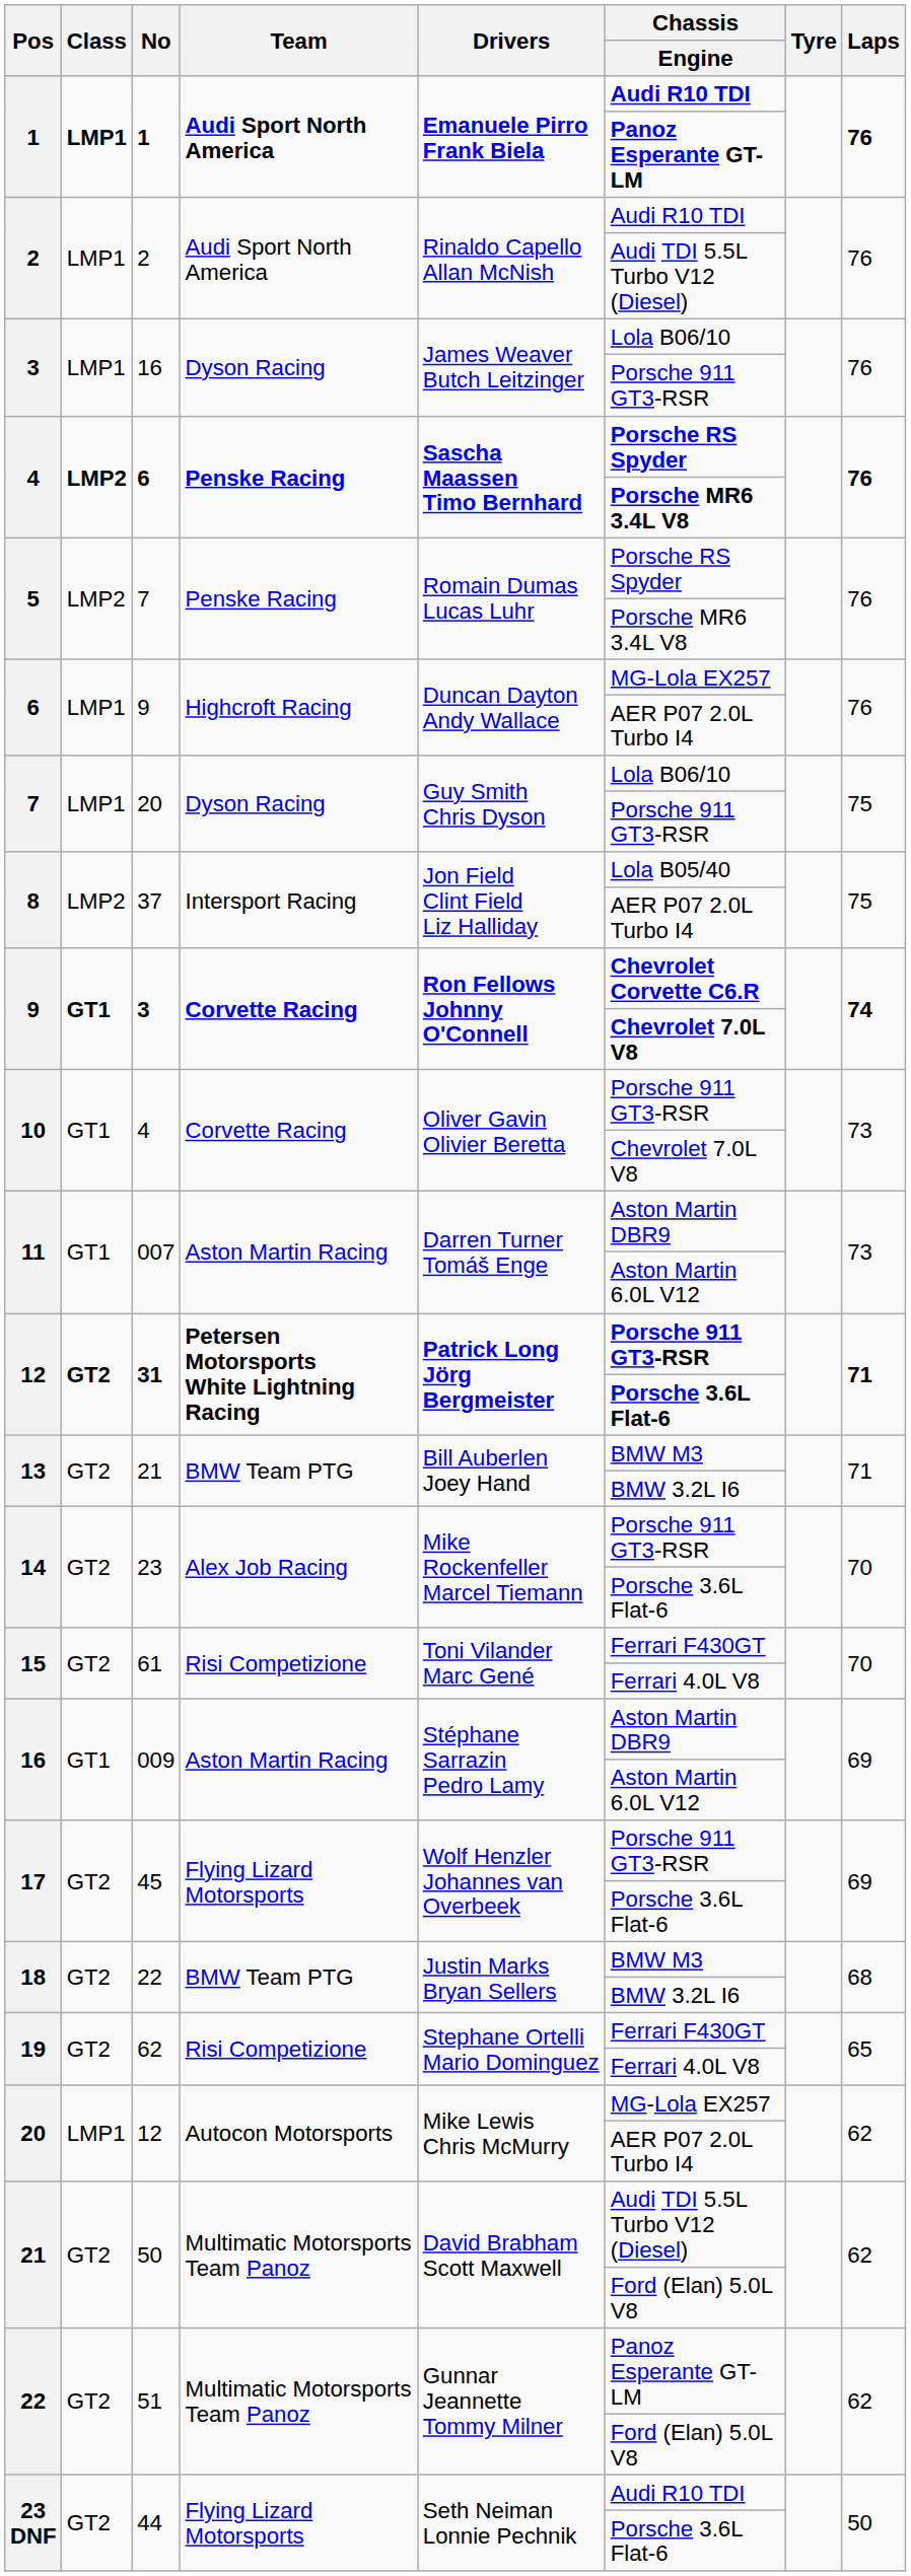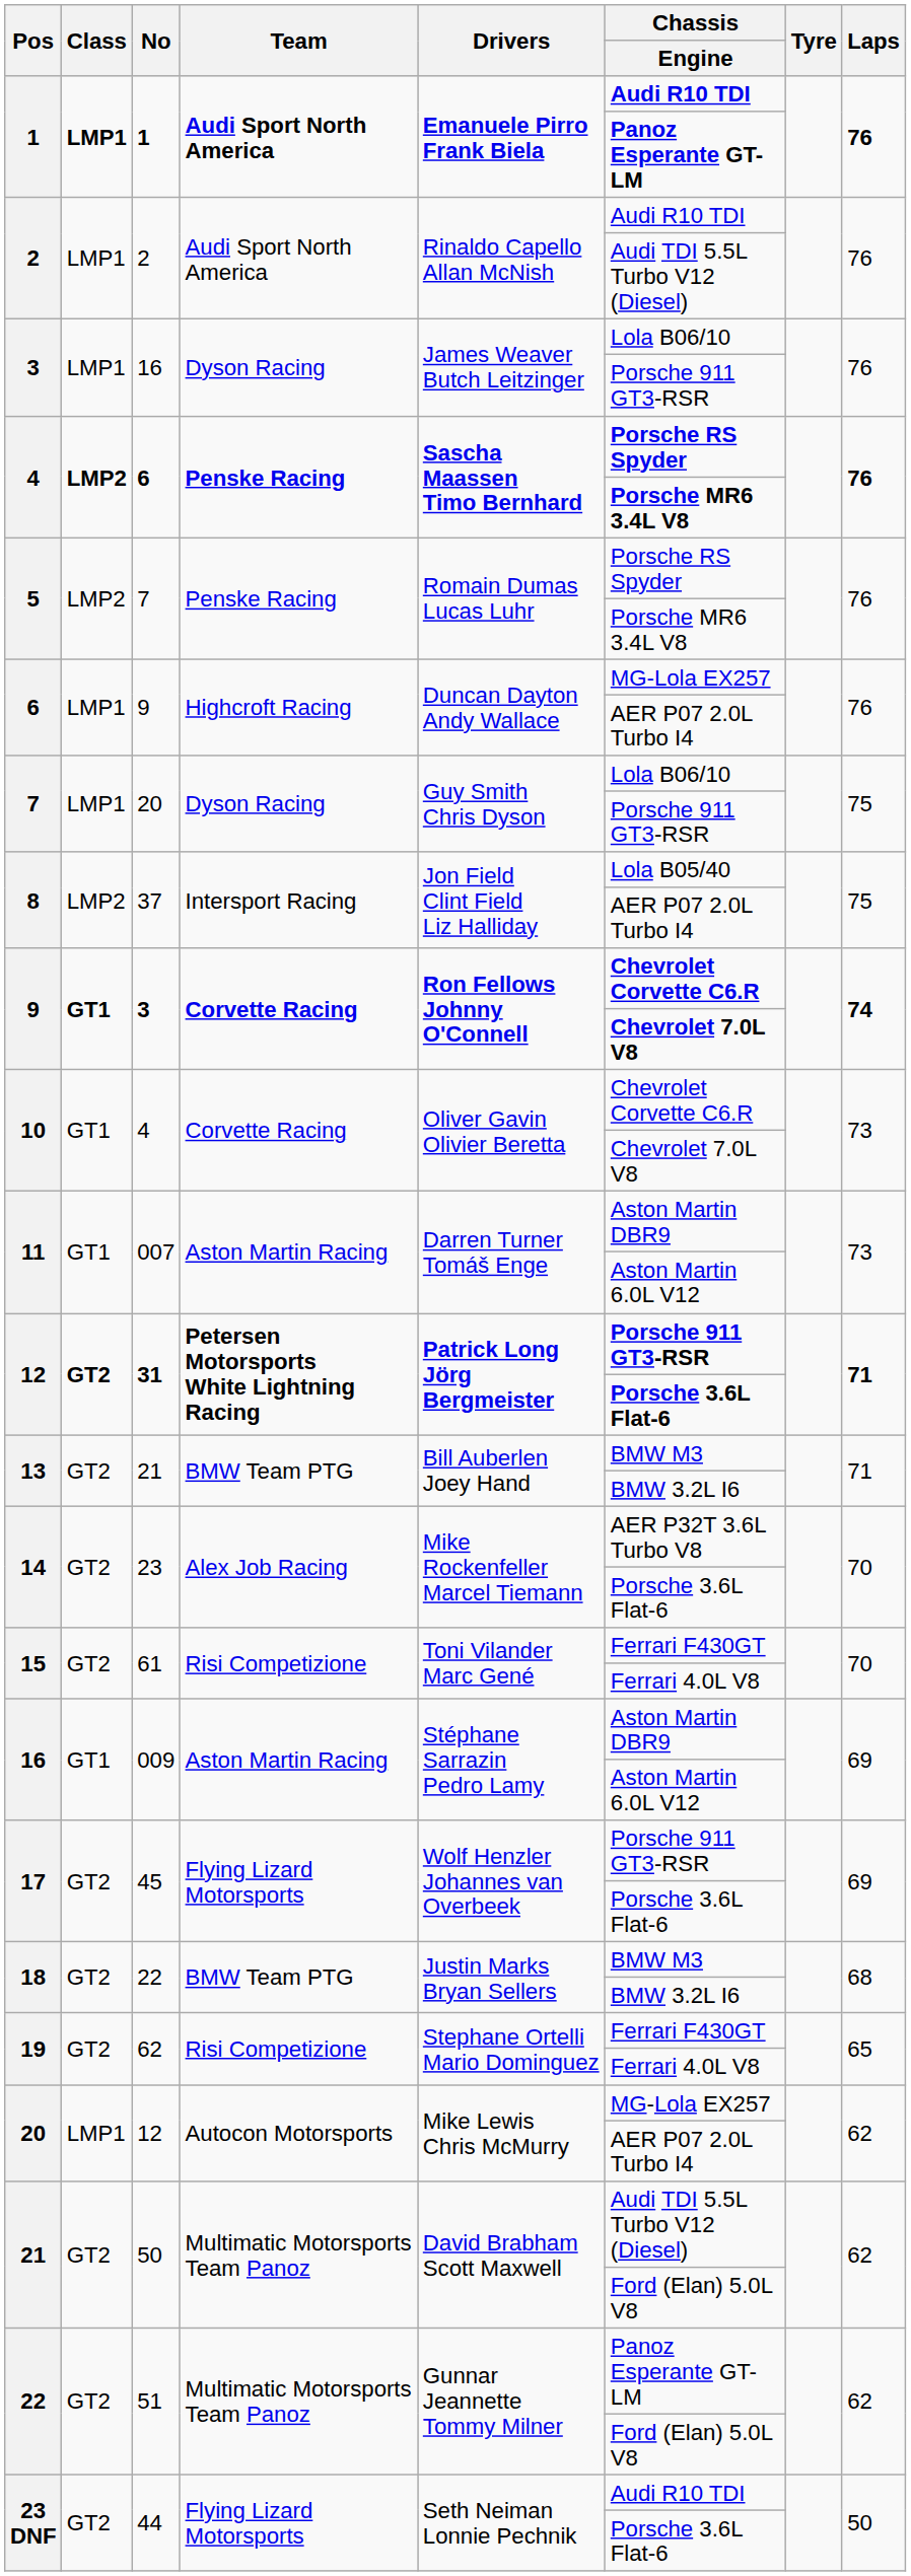 <table class="wikitable" style="font-size: 95%;">
 <tr>
 <th rowspan=2>Pos</th>
 <th rowspan=2>Class</th>
 <th rowspan=2>No</th>
 <th rowspan=2>Team</th>
 <th rowspan=2>Drivers</th>
 <th>Chassis</th>
 <th rowspan=2>Tyre</th>
 <th rowspan=2>Laps</th>
 </tr>
 <tr>
 <th>Engine</th>
 </tr>
 <tr style="font-weight:bold">
 <th rowspan=2>1</th>
 <td rowspan=2>LMP1</td>
 <td rowspan=2>1</td>
 <td rowspan=2> <a href='#'>Audi</a> Sport North America</td>
 <td rowspan=2> <a href='#'>Emanuele Pirro</a><br> <a href='#'>Frank Biela</a></td>
 <td><a href='#'>Audi R10 TDI</a></td>
 <td rowspan=2></td>
 <td rowspan=2>76</td>
 </tr>
 <tr style="font-weight:bold">
 <td><a href='#'>Panoz Esperante</a> GT-LM</td>
 </tr>
 <tr>
 <th rowspan=2>2</th>
 <td rowspan=2>LMP1</td>
 <td rowspan=2>2</td>
 <td rowspan=2> <a href='#'>Audi</a> Sport North America</td>
 <td rowspan=2> <a href='#'>Rinaldo Capello</a><br> <a href='#'>Allan McNish</a></td>
 <td><a href='#'>Audi R10 TDI</a></td>
 <td rowspan=2></td>
 <td rowspan=2>76</td>
 </tr>
 <tr>
 <td><a href='#'>Audi</a> <a href='#'>TDI</a> 5.5L Turbo V12<br>(<a href='#'>Diesel</a>)</td>
 </tr>
 <tr>
 <th rowspan=2>3</th>
 <td rowspan=2>LMP1</td>
 <td rowspan=2>16</td>
 <td rowspan=2> <a href='#'>Dyson Racing</a></td>
 <td rowspan=2> <a href='#'>James Weaver</a><br> <a href='#'>Butch Leitzinger</a></td>
 <td><a href='#'>Lola</a> B06/10</td>
 <td rowspan=2></td>
 <td rowspan=2>76</td>
 </tr>
 <tr>
 <td><a href='#'>Porsche 911 GT3</a>-RSR</td>
 </tr>
 <tr style="font-weight:bold">
 <th rowspan=2>4</th>
 <td rowspan=2>LMP2</td>
 <td rowspan=2>6</td>
 <td rowspan=2> <a href='#'>Penske Racing</a></td>
 <td rowspan=2> <a href='#'>Sascha Maassen</a><br> <a href='#'>Timo Bernhard</a></td>
 <td><a href='#'>Porsche RS Spyder</a></td>
 <td rowspan=2></td>
 <td rowspan=2>76</td>
 </tr>
 <tr style="font-weight:bold">
 <td><a href='#'>Porsche</a> MR6 3.4L V8</td>
 </tr>
 <tr>
 <th rowspan=2>5</th>
 <td rowspan=2>LMP2</td>
 <td rowspan=2>7</td>
 <td rowspan=2> <a href='#'>Penske Racing</a></td>
 <td rowspan=2> <a href='#'>Romain Dumas</a><br> <a href='#'>Lucas Luhr</a></td>
 <td><a href='#'>Porsche RS Spyder</a></td>
 <td rowspan=2></td>
 <td rowspan=2>76</td>
 </tr>
 <tr>
 <td><a href='#'>Porsche</a> MR6 3.4L V8</td>
 </tr>
 <tr>
 <th rowspan=2>6</th>
 <td rowspan=2>LMP1</td>
 <td rowspan=2>9</td>
 <td rowspan=2> <a href='#'>Highcroft Racing</a></td>
 <td rowspan=2> <a href='#'>Duncan Dayton</a><br> <a href='#'>Andy Wallace</a></td>
 <td><a href='#'>MG-Lola EX257</a></td>
 <td rowspan=2></td>
 <td rowspan=2>76</td>
 </tr>
 <tr>
 <td>AER P07 2.0L Turbo I4</td>
 </tr>
 <tr>
 <th rowspan=2>7</th>
 <td rowspan=2>LMP1</td>
 <td rowspan=2>20</td>
 <td rowspan=2> <a href='#'>Dyson Racing</a></td>
 <td rowspan=2> <a href='#'>Guy Smith</a><br> <a href='#'>Chris Dyson</a></td>
 <td><a href='#'>Lola</a> B06/10</td>
 <td rowspan=2></td>
 <td rowspan=2>75</td>
 </tr>
 <tr>
 <td><a href='#'>Porsche 911 GT3</a>-RSR</td>
 </tr>
 <tr>
 <th rowspan=2>8</th>
 <td rowspan=2>LMP2</td>
 <td rowspan=2>37</td>
 <td rowspan=2> Intersport Racing</td>
 <td rowspan=2> <a href='#'>Jon Field</a><br> <a href='#'>Clint Field</a><br> <a href='#'>Liz Halliday</a></td>
 <td><a href='#'>Lola</a> B05/40</td>
 <td rowspan=2></td>
 <td rowspan=2>75</td>
 </tr>
 <tr>
 <td>AER P07 2.0L Turbo I4</td>
 </tr>
 <tr style="font-weight:bold">
 <th rowspan=2>9</th>
 <td rowspan=2>GT1</td>
 <td rowspan=2>3</td>
 <td rowspan=2> <a href='#'>Corvette Racing</a></td>
 <td rowspan=2> <a href='#'>Ron Fellows</a><br> <a href='#'>Johnny O'Connell</a></td>
 <td><a href='#'>Chevrolet Corvette C6.R</a></td>
 <td rowspan=2></td>
 <td rowspan=2>74</td>
 </tr>
 <tr style="font-weight:bold">
 <td><a href='#'>Chevrolet</a> 7.0L V8</td>
 </tr>
 <tr>
 <th rowspan=2>10</th>
 <td rowspan=2>GT1</td>
 <td rowspan=2>4</td>
 <td rowspan=2> <a href='#'>Corvette Racing</a></td>
 <td rowspan=2> <a href='#'>Oliver Gavin</a><br> <a href='#'>Olivier Beretta</a></td>
-<td><a href='#'>Porsche 911 GT3</a>-RSR</td>
+<td><a href='#'>Chevrolet Corvette C6.R</a></td>
 <td rowspan=2></td>
 <td rowspan=2>73</td>
 </tr>
 <tr>
 <td><a href='#'>Chevrolet</a> 7.0L V8</td>
 </tr>
 <tr>
 <th rowspan=2>11</th>
 <td rowspan=2>GT1</td>
 <td rowspan=2>007</td>
 <td rowspan=2> <a href='#'>Aston Martin Racing</a></td>
 <td rowspan=2> <a href='#'>Darren Turner</a><br> <a href='#'>Tomáš Enge</a></td>
 <td><a href='#'>Aston Martin DBR9</a></td>
 <td rowspan=2></td>
 <td rowspan=2>73</td>
 </tr>
 <tr>
 <td><a href='#'>Aston Martin</a> 6.0L V12</td>
 </tr>
 <tr style="font-weight:bold">
 <th rowspan=2>12</th>
 <td rowspan=2>GT2</td>
 <td rowspan=2>31</td>
 <td rowspan=2> Petersen Motorsports<br> White Lightning Racing</td>
 <td rowspan=2> <a href='#'>Patrick Long</a><br> <a href='#'>Jörg Bergmeister</a></td>
 <td><a href='#'>Porsche 911 GT3</a>-RSR</td>
 <td rowspan=2></td>
 <td rowspan=2>71</td>
 </tr>
 <tr style="font-weight:bold">
 <td><a href='#'>Porsche</a> 3.6L Flat-6</td>
 </tr>
 <tr>
 <th rowspan=2>13</th>
 <td rowspan=2>GT2</td>
 <td rowspan=2>21</td>
 <td rowspan=2> <a href='#'>BMW</a> Team PTG</td>
 <td rowspan=2> <a href='#'>Bill Auberlen</a><br> Joey Hand</td>
 <td><a href='#'>BMW M3</a></td>
 <td rowspan=2></td>
 <td rowspan=2>71</td>
 </tr>
 <tr>
 <td><a href='#'>BMW</a> 3.2L I6</td>
 </tr>
 <tr>
 <th rowspan=2>14</th>
 <td rowspan=2>GT2</td>
 <td rowspan=2>23</td>
 <td rowspan=2> <a href='#'>Alex Job Racing</a></td>
 <td rowspan=2> <a href='#'>Mike Rockenfeller</a><br> <a href='#'>Marcel Tiemann</a></td>
-<td><a href='#'>Porsche 911 GT3</a>-RSR</td>
+<td>AER P32T 3.6L Turbo V8</td>
 <td rowspan=2></td>
 <td rowspan=2>70</td>
 </tr>
 <tr>
 <td><a href='#'>Porsche</a> 3.6L Flat-6</td>
 </tr>
 <tr>
 <th rowspan=2>15</th>
 <td rowspan=2>GT2</td>
 <td rowspan=2>61</td>
 <td rowspan=2> <a href='#'>Risi Competizione</a></td>
 <td rowspan=2> <a href='#'>Toni Vilander</a><br> <a href='#'>Marc Gené</a></td>
 <td><a href='#'>Ferrari F430GT</a></td>
 <td rowspan=2></td>
 <td rowspan=2>70</td>
 </tr>
 <tr>
 <td><a href='#'>Ferrari</a> 4.0L V8</td>
 </tr>
 <tr>
 <th rowspan=2>16</th>
 <td rowspan=2>GT1</td>
 <td rowspan=2>009</td>
 <td rowspan=2> <a href='#'>Aston Martin Racing</a></td>
 <td rowspan=2> <a href='#'>Stéphane Sarrazin</a><br> <a href='#'>Pedro Lamy</a></td>
 <td><a href='#'>Aston Martin DBR9</a></td>
 <td rowspan=2></td>
 <td rowspan=2>69</td>
 </tr>
 <tr>
 <td><a href='#'>Aston Martin</a> 6.0L V12</td>
 </tr>
 <tr>
 <th rowspan=2>17</th>
 <td rowspan=2>GT2</td>
 <td rowspan=2>45</td>
 <td rowspan=2> <a href='#'>Flying Lizard Motorsports</a></td>
 <td rowspan=2> <a href='#'>Wolf Henzler</a><br> <a href='#'>Johannes van Overbeek</a></td>
 <td><a href='#'>Porsche 911 GT3</a>-RSR</td>
 <td rowspan=2></td>
 <td rowspan=2>69</td>
 </tr>
 <tr>
 <td><a href='#'>Porsche</a> 3.6L Flat-6</td>
 </tr>
 <tr>
 <th rowspan=2>18</th>
 <td rowspan=2>GT2</td>
 <td rowspan=2>22</td>
 <td rowspan=2> <a href='#'>BMW</a> Team PTG</td>
 <td rowspan=2> <a href='#'>Justin Marks</a><br> <a href='#'>Bryan Sellers</a></td>
 <td><a href='#'>BMW M3</a></td>
 <td rowspan=2></td>
 <td rowspan=2>68</td>
 </tr>
 <tr>
 <td><a href='#'>BMW</a> 3.2L I6</td>
 </tr>
 <tr>
 <th rowspan=2>19</th>
 <td rowspan=2>GT2</td>
 <td rowspan=2>62</td>
 <td rowspan=2> <a href='#'>Risi Competizione</a></td>
 <td rowspan=2> <a href='#'>Stephane Ortelli</a><br> <a href='#'>Mario Dominguez</a></td>
 <td><a href='#'>Ferrari F430GT</a></td>
 <td rowspan=2></td>
 <td rowspan=2>65</td>
 </tr>
 <tr>
 <td><a href='#'>Ferrari</a> 4.0L V8</td>
 </tr>
 <tr>
 <th rowspan=2>20</th>
 <td rowspan=2>LMP1</td>
 <td rowspan=2>12</td>
 <td rowspan=2> Autocon Motorsports</td>
 <td rowspan=2> Mike Lewis<br> Chris McMurry</td>
 <td><a href='#'>MG</a>-<a href='#'>Lola</a> EX257</td>
 <td rowspan=2></td>
 <td rowspan=2>62</td>
 </tr>
 <tr>
 <td>AER P07 2.0L Turbo I4</td>
 </tr>
 <tr>
 <th rowspan=2>21</th>
 <td rowspan=2>GT2</td>
 <td rowspan=2>50</td>
 <td rowspan=2> Multimatic Motorsports Team <a href='#'>Panoz</a></td>
 <td rowspan=2> <a href='#'>David Brabham</a><br> Scott Maxwell</td>
 <td><a href='#'>Audi</a> <a href='#'>TDI</a> 5.5L Turbo V12<br>(<a href='#'>Diesel</a>)</td>
 <td rowspan=2></td>
 <td rowspan=2>62</td>
 </tr>
 <tr>
 <td><a href='#'>Ford</a> (Elan) 5.0L V8</td>
 </tr>
 <tr>
 <th rowspan=2>22</th>
 <td rowspan=2>GT2</td>
 <td rowspan=2>51</td>
 <td rowspan=2> Multimatic Motorsports Team <a href='#'>Panoz</a></td>
 <td rowspan=2> Gunnar Jeannette<br> <a href='#'>Tommy Milner</a></td>
 <td><a href='#'>Panoz Esperante</a> GT-LM</td>
 <td rowspan=2></td>
 <td rowspan=2>62</td>
 </tr>
 <tr>
 <td><a href='#'>Ford</a> (Elan) 5.0L V8</td>
 </tr>
 <tr>
 <th rowspan=2>23<br>DNF</th>
 <td rowspan=2>GT2</td>
 <td rowspan=2>44</td>
 <td rowspan=2> <a href='#'>Flying Lizard Motorsports</a></td>
 <td rowspan=2> Seth Neiman<br> Lonnie Pechnik</td>
 <td><a href='#'>Audi R10 TDI</a></td>
 <td rowspan=2></td>
 <td rowspan=2>50</td>
 </tr>
 <tr>
 <td><a href='#'>Porsche</a> 3.6L Flat-6</td>
 </tr>
 </table>
